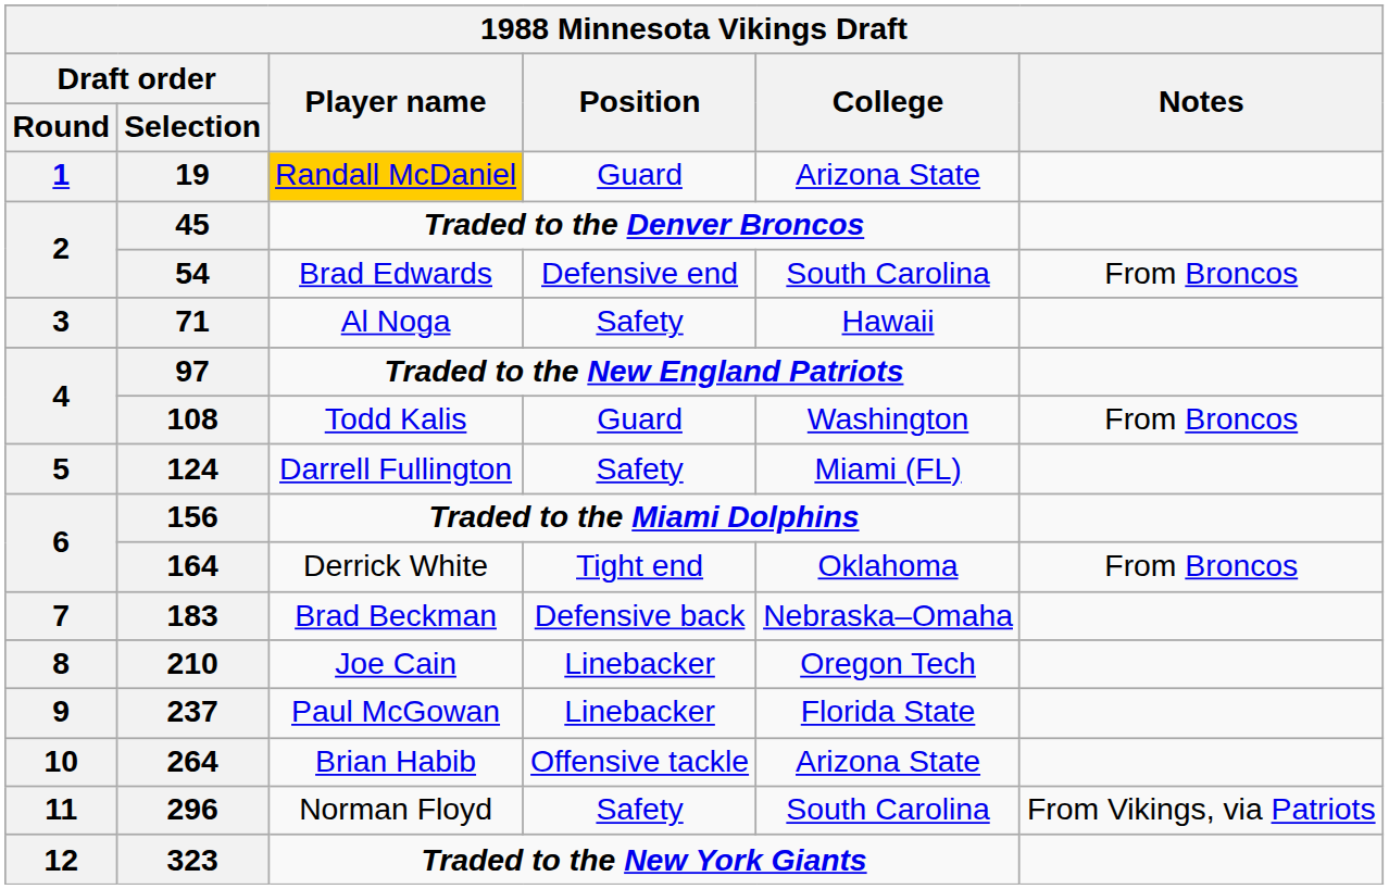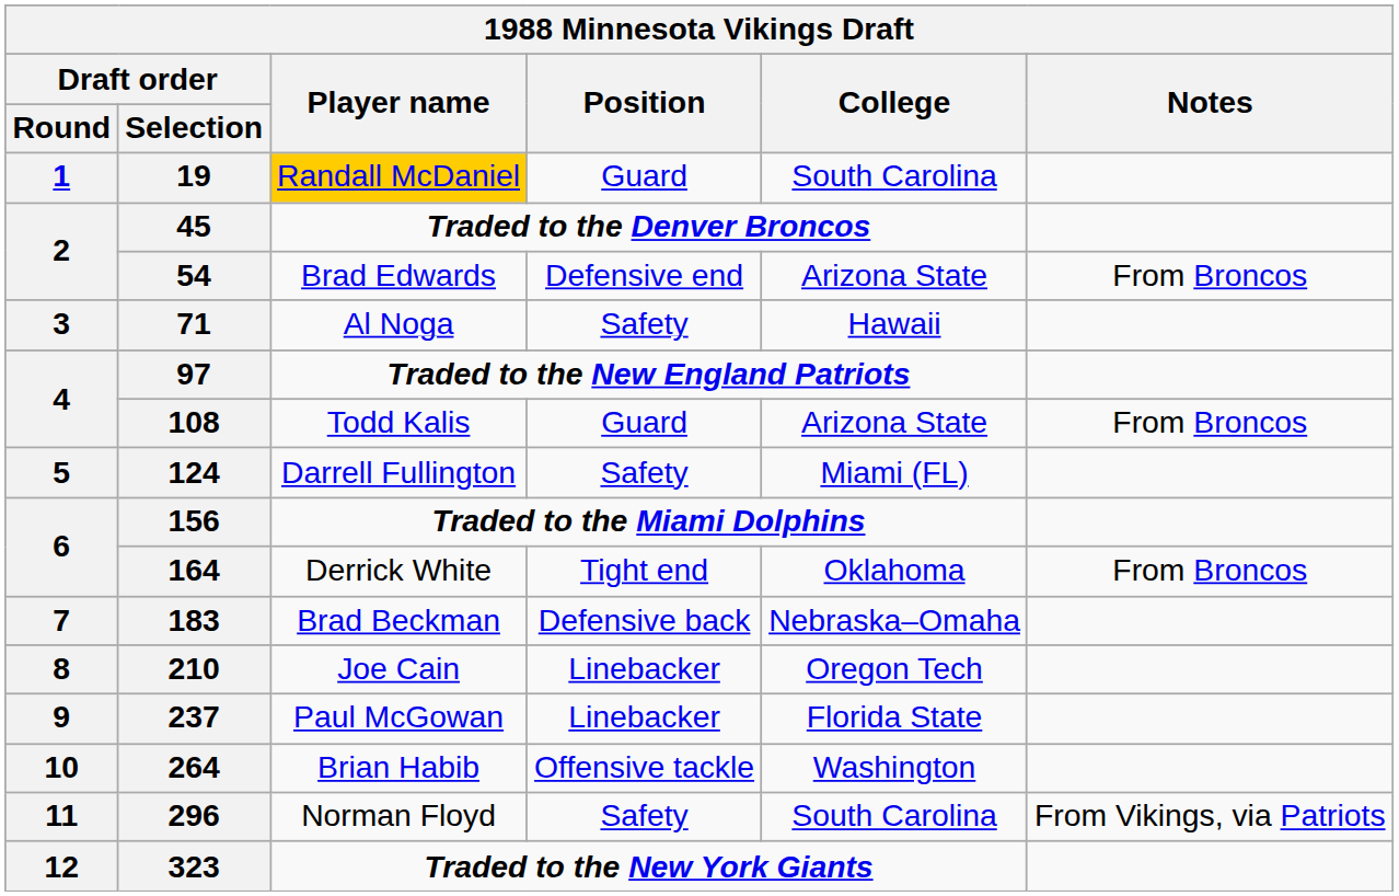 <table class="wikitable" style="text-align:center">
 <tr>
 <th colspan="6">1988 Minnesota Vikings Draft</th>
 </tr>
 <tr>
 <th colspan="2">Draft order</th>
 <th rowspan="2">Player name</th>
 <th rowspan="2">Position</th>
 <th rowspan="2">College</th>
 <th rowspan="2">Notes</th>
 </tr>
 <tr>
 <th>Round</th>
 <th>Selection</th>
 </tr>
 <tr>
 <th><a href='#'>1</a></th>
 <th>19</th>
 <td bgcolor=#FFCC00><a href='#'>Randall McDaniel</a></td>
 <td><a href='#'>Guard</a></td>
-<td><a href='#'>Arizona State</a></td>
+<td><a href='#'>South Carolina</a></td>
 <td></td>
 </tr>
 <tr>
 <th rowspan="2">2</th>
 <th>45</th>
 <td colspan="3"><strong><em>Traded to the <a href='#'>Denver Broncos</a></em></strong></td>
 <td></td>
 </tr>
 <tr>
 <th>54</th>
 <td><a href='#'>Brad Edwards</a></td>
 <td><a href='#'>Defensive end</a></td>
-<td><a href='#'>South Carolina</a></td>
+<td><a href='#'>Arizona State</a></td>
 <td>From <a href='#'>Broncos</a></td>
 </tr>
 <tr>
 <th>3</th>
 <th>71</th>
 <td><a href='#'>Al Noga</a></td>
 <td><a href='#'>Safety</a></td>
 <td><a href='#'>Hawaii</a></td>
 <td></td>
 </tr>
 <tr>
 <th rowspan="2">4</th>
 <th>97</th>
 <td colspan="3"><strong><em>Traded to the <a href='#'>New England Patriots</a></em></strong></td>
 <td></td>
 </tr>
 <tr>
 <th>108</th>
 <td><a href='#'>Todd Kalis</a></td>
 <td><a href='#'>Guard</a></td>
-<td><a href='#'>Washington</a></td>
+<td><a href='#'>Arizona State</a></td>
 <td>From <a href='#'>Broncos</a></td>
 </tr>
 <tr>
 <th>5</th>
 <th>124</th>
 <td><a href='#'>Darrell Fullington</a></td>
 <td><a href='#'>Safety</a></td>
 <td><a href='#'>Miami (FL)</a></td>
 <td></td>
 </tr>
 <tr>
 <th rowspan="2">6</th>
 <th>156</th>
 <td colspan="3"><strong><em>Traded to the <a href='#'>Miami Dolphins</a></em></strong></td>
 <td></td>
 </tr>
 <tr>
 <th>164</th>
 <td>Derrick White</td>
 <td><a href='#'>Tight end</a></td>
 <td><a href='#'>Oklahoma</a></td>
 <td>From <a href='#'>Broncos</a></td>
 </tr>
 <tr>
 <th>7</th>
 <th>183</th>
 <td><a href='#'>Brad Beckman</a></td>
 <td><a href='#'>Defensive back</a></td>
 <td><a href='#'>Nebraska–Omaha</a></td>
 <td></td>
 </tr>
 <tr>
 <th>8</th>
 <th>210</th>
 <td><a href='#'>Joe Cain</a></td>
 <td><a href='#'>Linebacker</a></td>
 <td><a href='#'>Oregon Tech</a></td>
 <td></td>
 </tr>
 <tr>
 <th>9</th>
 <th>237</th>
 <td><a href='#'>Paul McGowan</a></td>
 <td><a href='#'>Linebacker</a></td>
 <td><a href='#'>Florida State</a></td>
 <td></td>
 </tr>
 <tr>
 <th>10</th>
 <th>264</th>
 <td><a href='#'>Brian Habib</a></td>
 <td><a href='#'>Offensive tackle</a></td>
-<td><a href='#'>Arizona State</a></td>
+<td><a href='#'>Washington</a></td>
 <td></td>
 </tr>
 <tr>
 <th>11</th>
 <th>296</th>
 <td>Norman Floyd</td>
 <td><a href='#'>Safety</a></td>
 <td><a href='#'>South Carolina</a></td>
 <td>From Vikings, via <a href='#'>Patriots</a></td>
 </tr>
 <tr>
 <th>12</th>
 <th>323</th>
 <td colspan="3"><strong><em>Traded to the <a href='#'>New York Giants</a></em></strong></td>
 <td></td>
 </tr>
 </table>
